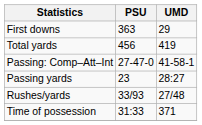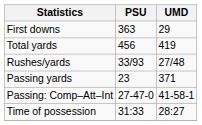 <table class="wikitable" style="float: left;">
 <tr>
 <th>Statistics</th>
 <th>PSU</th>
 <th>UMD</th>
 </tr>
 <tr>
 <td>First downs</td>
 <td>363</td>
 <td>29</td>
 </tr>
 <tr>
 <td>Total yards</td>
 <td>456</td>
 <td>419</td>
 </tr>
 <tr>
+<td>Rushes/yards</td>
+<td>33/93</td>
+<td>27/48</td>
+</tr>
+<tr>
+<td>Passing yards</td>
+<td>23</td>
+<td>371</td>
+</tr>
+<tr>
 <td>Passing: Comp–Att–Int</td>
 <td>27-47-0</td>
 <td>41-58-1</td>
 </tr>
 <tr>
-<td>Passing yards</td>
-<td>23</td>
-<td>28:27</td>
-</tr>
-<tr>
-<td>Rushes/yards</td>
-<td>33/93</td>
-<td>27/48</td>
-</tr>
-<tr>
 <td>Time of possession</td>
 <td>31:33</td>
-<td>371</td>
+<td>28:27</td>
 </tr>
 <tr>
 </tr>
 </table>
